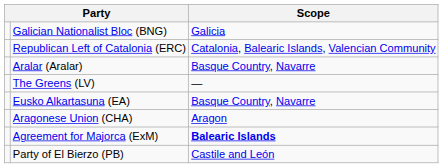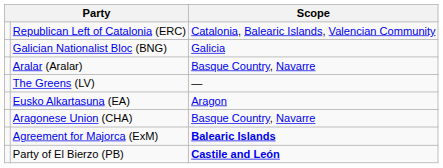 <table class="wikitable" style="text-align:left; font-size:95%;">
 <tr>
 <th colspan="2">Party</th>
 <th>Scope</th>
 </tr>
 <tr>
+<td width="1"></td>
+<td><a href='#'>Republican Left of Catalonia</a> (ERC)</td>
+<td><a href='#'>Catalonia</a>, <a href='#'>Balearic Islands</a>, <a href='#'>Valencian Community</a></td>
+</tr>
+<tr>
 <td></td>
 <td><a href='#'>Galician Nationalist Bloc</a> (BNG)</td>
 <td><a href='#'>Galicia</a></td>
-</tr>
-<tr>
-<td width="1"></td>
-<td><a href='#'>Republican Left of Catalonia</a> (ERC)</td>
-<td><a href='#'>Catalonia</a>, <a href='#'>Balearic Islands</a>, <a href='#'>Valencian Community</a></td>
 </tr>
 <tr>
 <td></td>
 <td><a href='#'>Aralar</a> (Aralar)</td>
 <td><a href='#'>Basque Country</a>, <a href='#'>Navarre</a></td>
 </tr>
 <tr>
 <td></td>
 <td><a href='#'>The Greens</a> (LV)</td>
 <td>—</td>
 </tr>
 <tr>
 <td></td>
 <td><a href='#'>Eusko Alkartasuna</a> (EA)</td>
-<td><a href='#'>Basque Country</a>, <a href='#'>Navarre</a></td>
+<td><a href='#'>Aragon</a></td>
 </tr>
 <tr>
 <td></td>
 <td><a href='#'>Aragonese Union</a> (CHA)</td>
-<td><a href='#'>Aragon</a></td>
+<td><a href='#'>Basque Country</a>, <a href='#'>Navarre</a></td>
 </tr>
 <tr>
 <td></td>
 <td><a href='#'>Agreement for Majorca</a> (ExM)</td>
 <td><strong><a href='#'>Balearic Islands</a></strong></td>
 </tr>
 <tr>
 <td></td>
 <td>Party of El Bierzo (PB)</td>
-<td><a href='#'>Castile and León</a></td>
+<td><strong><a href='#'>Castile and León</a></strong></td>
 </tr>
 </table>
